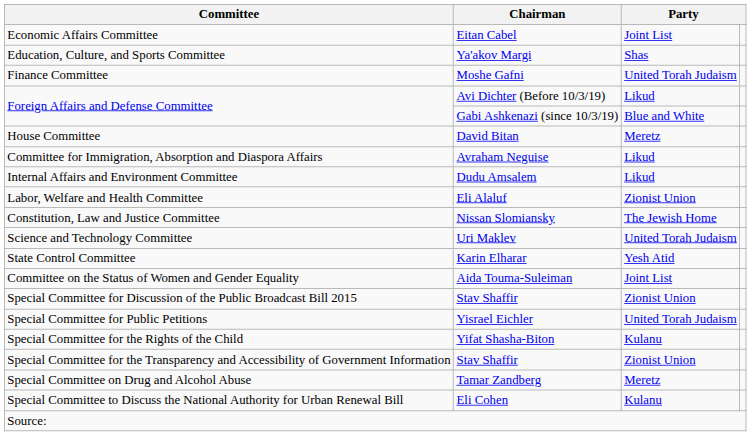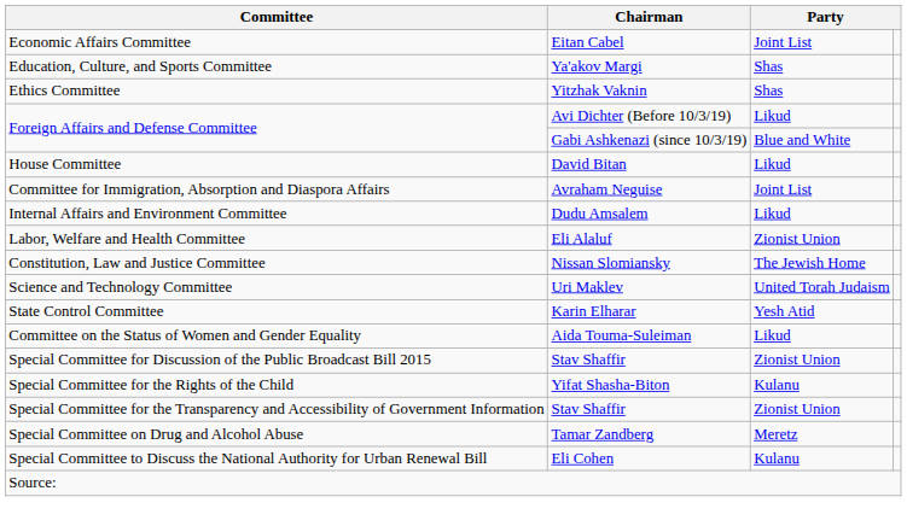 <table class=wikitable>
 <tr>
 <th>Committee</th>
 <th>Chairman</th>
 <th colspan=2>Party</th>
 </tr>
 <tr>
 <td>Economic Affairs Committee</td>
 <td><a href='#'>Eitan Cabel</a></td>
 <td><a href='#'>Joint List</a></td>
 <td style="background:"></td>
 </tr>
 <tr>
 <td>Education, Culture, and Sports Committee</td>
 <td><a href='#'>Ya'akov Margi</a></td>
 <td><a href='#'>Shas</a></td>
 <td style="background:"></td>
 </tr>
 <tr>
-<td>Finance Committee</td>
-<td><a href='#'>Moshe Gafni</a></td>
-<td><a href='#'>United Torah Judaism</a></td>
+<td>Ethics Committee</td>
+<td><a href='#'>Yitzhak Vaknin</a></td>
+<td><a href='#'>Shas</a></td>
 <td style="background:"></td>
 </tr>
 <tr>
 <td rowspan=2><a href='#'>Foreign Affairs and Defense Committee</a></td>
 <td><a href='#'>Avi Dichter</a> (Before 10/3/19)</td>
 <td><a href='#'>Likud</a></td>
 <td style="background:"></td>
 </tr>
 <tr>
 <td><a href='#'>Gabi Ashkenazi</a> (since 10/3/19)</td>
 <td><a href='#'>Blue and White</a></td>
 <td style="background:"></td>
 </tr>
 <tr>
 <td>House Committee</td>
 <td><a href='#'>David Bitan</a></td>
-<td><a href='#'>Meretz</a></td>
+<td><a href='#'>Likud</a></td>
 <td style="background:"></td>
 </tr>
 <tr>
 <td>Committee for Immigration, Absorption and Diaspora Affairs</td>
 <td><a href='#'>Avraham Neguise</a></td>
-<td><a href='#'>Likud</a></td>
+<td><a href='#'>Joint List</a></td>
 <td style="background:"></td>
 </tr>
 <tr>
 <td>Internal Affairs and Environment Committee</td>
 <td><a href='#'>Dudu Amsalem</a></td>
 <td><a href='#'>Likud</a></td>
 <td style="background:"></td>
 </tr>
 <tr>
 <td>Labor, Welfare and Health Committee</td>
 <td><a href='#'>Eli Alaluf</a></td>
 <td><a href='#'>Zionist Union</a></td>
 <td style="background:"></td>
 </tr>
 <tr>
 <td>Constitution, Law and Justice Committee</td>
 <td><a href='#'>Nissan Slomiansky</a></td>
 <td><a href='#'>The Jewish Home</a></td>
 <td style="background:"></td>
 </tr>
 <tr>
 <td>Science and Technology Committee</td>
 <td><a href='#'>Uri Maklev</a></td>
 <td><a href='#'>United Torah Judaism</a></td>
 <td style="background:"></td>
 </tr>
 <tr>
 <td>State Control Committee</td>
 <td><a href='#'>Karin Elharar</a></td>
 <td><a href='#'>Yesh Atid</a></td>
 <td style="background:"></td>
 </tr>
 <tr>
 <td>Committee on the Status of Women and Gender Equality</td>
 <td><a href='#'>Aida Touma-Suleiman</a></td>
-<td><a href='#'>Joint List</a></td>
+<td><a href='#'>Likud</a></td>
 <td style="background:"></td>
 </tr>
 <tr>
 <td>Special Committee for Discussion of the Public Broadcast Bill 2015</td>
 <td><a href='#'>Stav Shaffir</a></td>
 <td><a href='#'>Zionist Union</a></td>
-<td style="background:"></td>
-</tr>
-<tr>
-<td>Special Committee for Public Petitions</td>
-<td><a href='#'>Yisrael Eichler</a></td>
-<td><a href='#'>United Torah Judaism</a></td>
 <td style="background:"></td>
 </tr>
 <tr>
 <td>Special Committee for the Rights of the Child</td>
 <td><a href='#'>Yifat Shasha-Biton</a></td>
 <td><a href='#'>Kulanu</a></td>
 <td style="background:"></td>
 </tr>
 <tr>
 <td>Special Committee for the Transparency and Accessibility of Government Information</td>
 <td><a href='#'>Stav Shaffir</a></td>
 <td><a href='#'>Zionist Union</a></td>
 <td style="background:"></td>
 </tr>
 <tr>
 <td>Special Committee on Drug and Alcohol Abuse</td>
 <td><a href='#'>Tamar Zandberg</a></td>
 <td><a href='#'>Meretz</a></td>
 <td style="background:"></td>
 </tr>
 <tr>
 <td>Special Committee to Discuss the National Authority for Urban Renewal Bill</td>
 <td><a href='#'>Eli Cohen</a></td>
 <td><a href='#'>Kulanu</a></td>
 <td style="background:"></td>
 </tr>
 <tr>
 <td colspan=4>Source: </td>
 </tr>
 </table>
